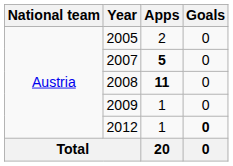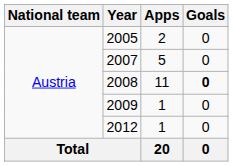 <table class=wikitable style=text-align:center>
 <tr>
 <th>National team</th>
 <th>Year</th>
 <th>Apps</th>
 <th>Goals</th>
 </tr>
 <tr>
 <td rowspan="5"><a href='#'>Austria</a></td>
 <td>2005</td>
 <td>2</td>
 <td>0</td>
 </tr>
 <tr>
 <td>2007</td>
-<td><strong>5</strong></td>
+<td>5</td>
 <td>0</td>
 </tr>
 <tr>
 <td>2008</td>
-<td><strong>11</strong></td>
-<td>0</td>
+<td>11</td>
+<td><strong>0</strong></td>
 </tr>
 <tr>
 <td>2009</td>
 <td>1</td>
 <td>0</td>
 </tr>
 <tr>
 <td>2012</td>
 <td>1</td>
-<td><strong>0</strong></td>
+<td>0</td>
 </tr>
 <tr>
 <th colspan="2">Total</th>
 <th>20</th>
 <th>0</th>
 </tr>
 </table>
